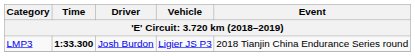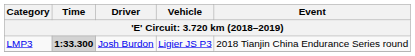 <table class="wikitable">
 <tr>
 <th>Category</th>
 <th>Time</th>
 <th>Driver</th>
 <th>Vehicle</th>
 <th>Event</th>
 </tr>
 <tr>
 <th colspan=5>'E' Circuit: 3.720 km (2018–2019)</th>
 </tr>
 <tr>
 <td><a href='#'>LMP3</a></td>
-<td><strong>1:33.300</strong></td>
+<td style="background: lightgrey;"><strong>1:33.300</strong></td>
 <td><a href='#'>Josh Burdon</a></td>
 <td><a href='#'>Ligier JS P3</a></td>
 <td>2018 Tianjin China Endurance Series round</td>
 </tr>
 <tr>
 </tr>
 </table>
